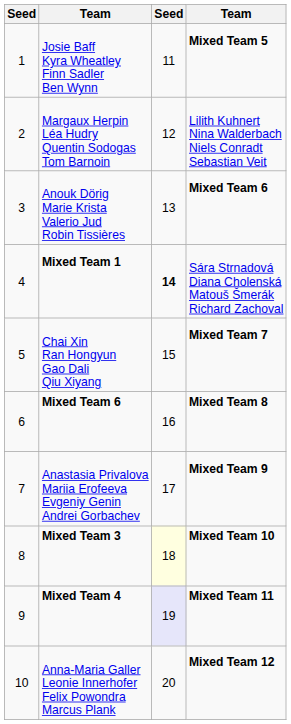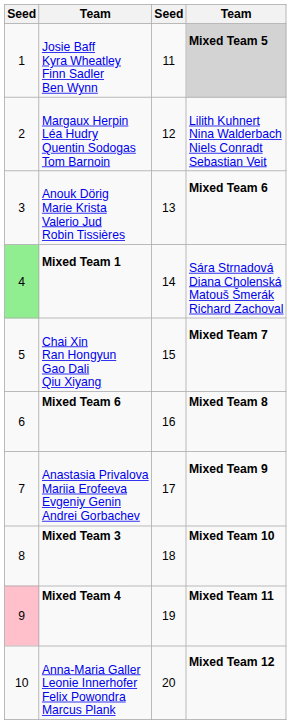 <table class="wikitable" style="text-align:center; font-size:95%">
 <tr>
 <th>Seed</th>
 <th>Team</th>
 <th>Seed</th>
 <th>Team</th>
 </tr>
 <tr>
 <td>1</td>
 <td align=left><strong></strong><br><a href='#'>Josie Baff</a><br><a href='#'>Kyra Wheatley</a><br><a href='#'>Finn Sadler</a><br><a href='#'>Ben Wynn</a></td>
 <td>11</td>
-<td align=left><strong>Mixed Team 5</strong><br><br><br><br></td>
+<td align=left style="background: lightgrey;"><strong>Mixed Team 5</strong><br><br><br><br></td>
 </tr>
 <tr>
 <td>2</td>
 <td align=left><strong></strong><br><a href='#'>Margaux Herpin</a><br><a href='#'>Léa Hudry</a><br><a href='#'>Quentin Sodogas</a><br><a href='#'>Tom Barnoin</a></td>
 <td>12</td>
 <td align=left><strong></strong><br><a href='#'>Lilith Kuhnert</a><br><a href='#'>Nina Walderbach</a><br><a href='#'>Niels Conradt</a><br><a href='#'>Sebastian Veit</a></td>
 </tr>
 <tr>
 <td>3</td>
 <td align=left><strong></strong><br><a href='#'>Anouk Dörig</a><br><a href='#'>Marie Krista</a><br><a href='#'>Valerio Jud</a><br><a href='#'>Robin Tissières</a></td>
 <td>13</td>
 <td align=left><strong>Mixed Team 6</strong><br><br><br><br></td>
 </tr>
 <tr>
-<td>4</td>
+<td style="background: lightgreen;">4</td>
 <td align=left><strong>Mixed Team 1</strong><br><br><br><br></td>
-<td><strong>14</strong></td>
+<td>14</td>
 <td align=left><strong></strong><br><a href='#'>Sára Strnadová</a><br><a href='#'>Diana Cholenská</a><br><a href='#'>Matouš Šmerák</a><br><a href='#'>Richard Zachoval</a></td>
 </tr>
 <tr>
 <td>5</td>
 <td align=left><strong></strong><br><a href='#'>Chai Xin</a><br><a href='#'>Ran Hongyun</a><br><a href='#'>Gao Dali</a><br><a href='#'>Qiu Xiyang</a></td>
 <td>15</td>
 <td align=left><strong>Mixed Team 7</strong><br><br><br><br></td>
 </tr>
 <tr>
 <td>6</td>
 <td align=left><strong>Mixed Team 6</strong><br><br><br><br></td>
 <td>16</td>
 <td align=left><strong>Mixed Team 8</strong><br><br><br><br></td>
 </tr>
 <tr>
 <td>7</td>
 <td align=left><strong></strong><br><a href='#'>Anastasia Privalova</a><br><a href='#'>Mariia Erofeeva</a><br><a href='#'>Evgeniy Genin</a><br><a href='#'>Andrei Gorbachev</a></td>
 <td>17</td>
 <td align=left><strong>Mixed Team 9</strong><br><br><br><br></td>
 </tr>
 <tr>
 <td>8</td>
 <td align=left><strong>Mixed Team 3</strong><br><br><br><br></td>
-<td style="background: lightyellow;">18</td>
+<td>18</td>
 <td align=left><strong>Mixed Team 10</strong><br><br><br><br></td>
 </tr>
 <tr>
-<td>9</td>
+<td style="background: pink;">9</td>
 <td align=left><strong>Mixed Team 4</strong><br><br><br><br></td>
-<td style="background: lavender;">19</td>
+<td>19</td>
 <td align=left><strong>Mixed Team 11</strong><br><br><br><br></td>
 </tr>
 <tr>
 <td>10</td>
 <td align=left><strong></strong><br><a href='#'>Anna-Maria Galler</a><br><a href='#'>Leonie Innerhofer</a><br><a href='#'>Felix Powondra</a><br><a href='#'>Marcus Plank</a></td>
 <td>20</td>
 <td align=left><strong>Mixed Team 12</strong><br><br><br><br></td>
 </tr>
 </table>
